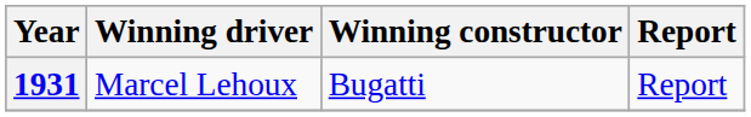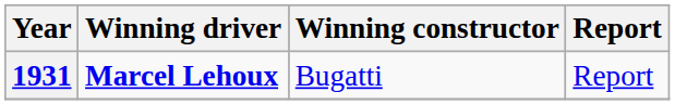 <table class="wikitable alternance">
 <tr>
 <th scope="col">Year</th>
 <th scope="col">Winning driver</th>
 <th scope="col">Winning constructor</th>
 <th scope="col">Report</th>
 </tr>
 <tr>
 <th scope="row" style="text-align:center"><a href='#'>1931</a></th>
-<td> <a href='#'>Marcel Lehoux</a></td>
+<td><strong> <a href='#'>Marcel Lehoux</a></strong></td>
 <td> <a href='#'>Bugatti</a></td>
 <td><a href='#'>Report</a></td>
 </tr>
 <tr>
 </tr>
 </table>
